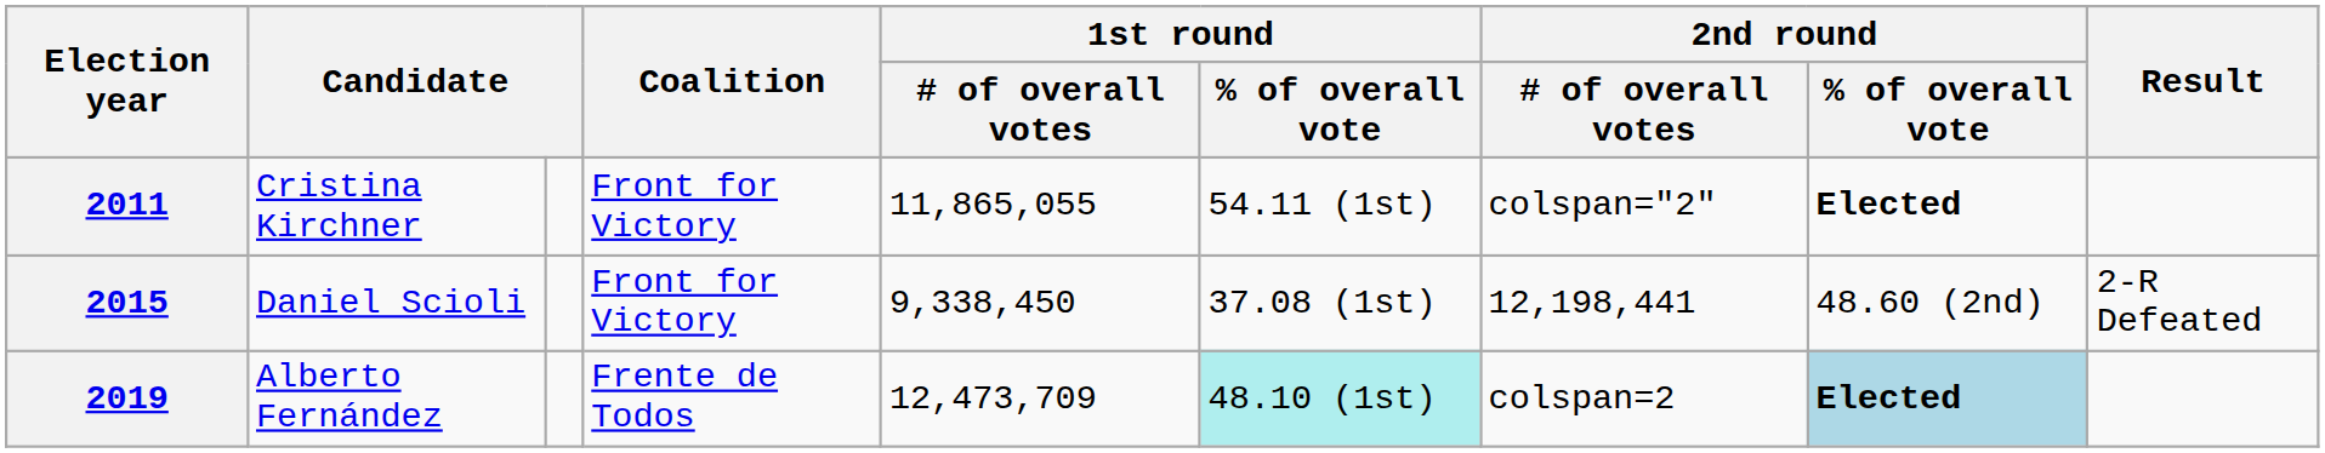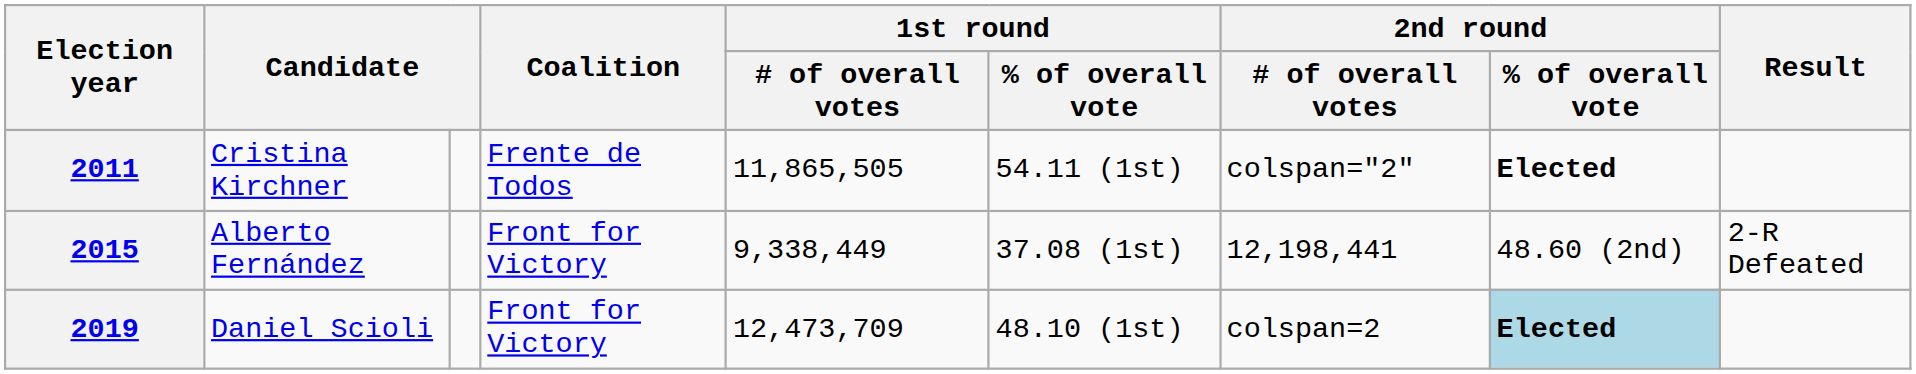 <table class=wikitable>
 <tr>
 <th rowspan=2>Election year</th>
 <th rowspan=2 colspan=2>Candidate</th>
 <th rowspan=2>Coalition</th>
 <th colspan=2>1st round</th>
 <th colspan=2>2nd round</th>
 <th rowspan=2>Result</th>
 </tr>
 <tr>
 <th># of overall votes</th>
 <th>% of overall vote</th>
 <th># of overall votes</th>
 <th>% of overall vote</th>
 </tr>
 <tr>
 <th><a href='#'>2011</a></th>
 <td><a href='#'>Cristina Kirchner</a></td>
 <td bgcolor=> </td>
-<td><a href='#'>Front for Victory</a></td>
-<td>11,865,055</td>
+<td><a href='#'>Frente de Todos</a></td>
+<td>11,865,505</td>
 <td>54.11 (1st)</td>
 <td>colspan="2" </td>
 <td> <strong>Elected</strong></td>
 </tr>
 <tr>
 <th><a href='#'>2015</a></th>
-<td><a href='#'>Daniel Scioli</a></td>
+<td><a href='#'>Alberto Fernández</a></td>
 <td bgcolor=> </td>
 <td><a href='#'>Front for Victory</a></td>
-<td>9,338,450</td>
+<td>9,338,449</td>
 <td>37.08	(1st)</td>
 <td>12,198,441</td>
 <td>48.60 (2nd)</td>
 <td> 2-R Defeated</td>
 </tr>
 <tr>
 <th><a href='#'>2019</a></th>
-<td><a href='#'>Alberto Fernández</a></td>
+<td><a href='#'>Daniel Scioli</a></td>
 <td bgcolor=> </td>
-<td><a href='#'>Frente de Todos</a></td>
+<td><a href='#'>Front for Victory</a></td>
 <td>12,473,709</td>
-<td style="background: paleturquoise;">48.10 (1st)</td>
+<td>48.10 (1st)</td>
 <td>colspan=2 </td>
 <td style="background: lightblue;"> <strong>Elected</strong></td>
 </tr>
 </table>
